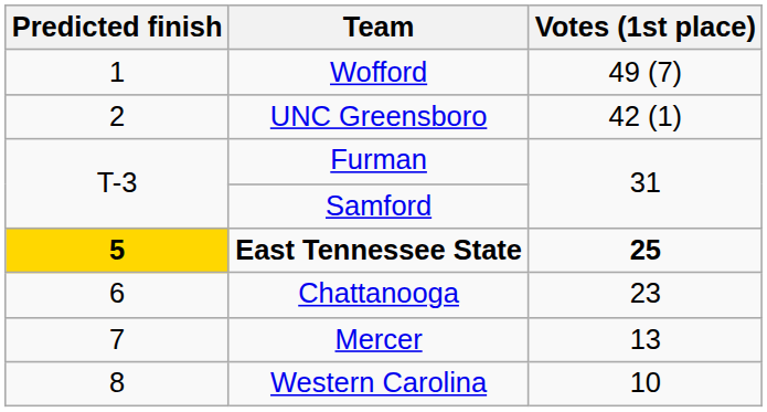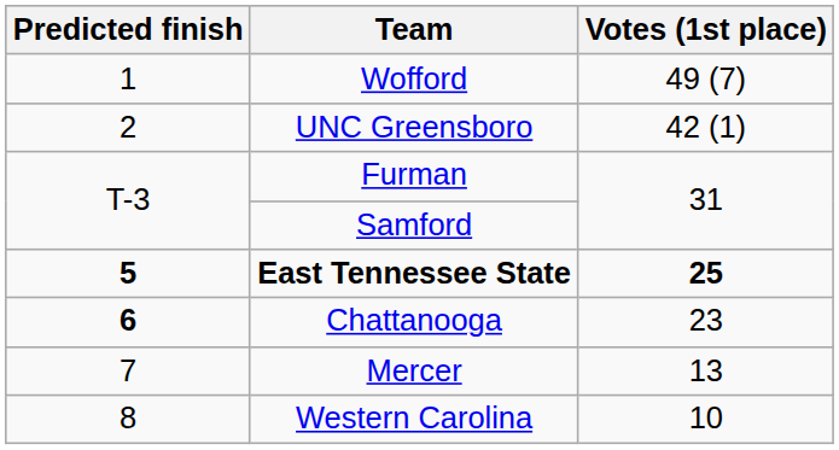 <table class="wikitable" border="1">
 <tr align=center>
 <th>Predicted finish</th>
 <th>Team</th>
 <th>Votes (1st place)</th>
 </tr>
 <tr align="center">
 <td>1</td>
 <td><a href='#'>Wofford</a></td>
 <td>49 (7)</td>
 </tr>
 <tr align="center">
 <td>2</td>
 <td><a href='#'>UNC Greensboro</a></td>
 <td>42 (1)</td>
 </tr>
 <tr align="center">
 <td rowspan=2>T-3</td>
 <td><a href='#'>Furman</a></td>
 <td rowspan=2>31</td>
 </tr>
 <tr align="center">
 <td><a href='#'>Samford</a></td>
 </tr>
 <tr align="center">
-<td style="background: gold;"><strong>5</strong></td>
+<td><strong>5</strong></td>
 <td><strong>East Tennessee State</strong></td>
 <td><strong>25</strong></td>
 </tr>
 <tr align="center">
-<td>6</td>
+<td><strong>6</strong></td>
 <td><a href='#'>Chattanooga</a></td>
 <td>23</td>
 </tr>
 <tr align="center">
 <td>7</td>
 <td><a href='#'>Mercer</a></td>
 <td>13</td>
 </tr>
 <tr align="center">
 <td>8</td>
 <td><a href='#'>Western Carolina</a></td>
 <td>10</td>
 </tr>
 </table>
